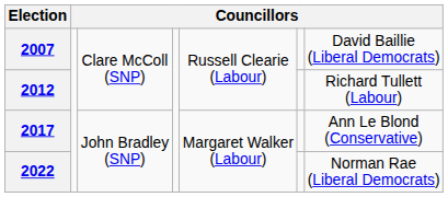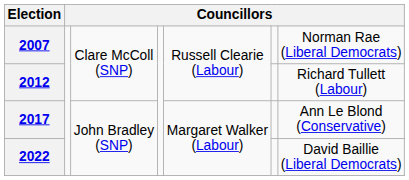 <table class="wikitable" style="text-align:center">
 <tr>
 <th>Election</th>
 <th colspan=8>Councillors</th>
 </tr>
 <tr>
 <th><a href='#'>2007</a></th>
 <td rowspan=4; style="background-color: "></td>
 <td rowspan=2>Clare McColl<br>(<a href='#'>SNP</a>)</td>
 <td rowspan=4; style="background-color: "></td>
 <td rowspan=2>Russell Clearie<br>(<a href='#'>Labour</a>)</td>
 <td rowspan=1; style="background-color: "></td>
-<td rowspan=1>David Baillie<br>(<a href='#'>Liberal Democrats</a>)</td>
+<td rowspan=1>Norman Rae<br>(<a href='#'>Liberal Democrats</a>)</td>
 </tr>
 <tr>
 <th><a href='#'>2012</a></th>
 <td rowspan=1; style="background-color: "></td>
 <td rowspan=1>Richard Tullett<br>(<a href='#'>Labour</a>)</td>
 </tr>
 <tr>
 <th><a href='#'>2017</a></th>
 <td rowspan=2>John Bradley<br>(<a href='#'>SNP</a>)</td>
 <td rowspan=2>Margaret Walker<br>(<a href='#'>Labour</a>)</td>
 <td rowspan=1; style="background-color: "></td>
 <td rowspan=1>Ann Le Blond<br>(<a href='#'>Conservative</a>)</td>
 </tr>
 <tr>
 <th><a href='#'>2022</a></th>
 <td rowspan=1; style="background-color: "></td>
-<td rowspan=1>Norman Rae<br>(<a href='#'>Liberal Democrats</a>)</td>
+<td rowspan=1>David Baillie<br>(<a href='#'>Liberal Democrats</a>)</td>
 </tr>
 </table>
